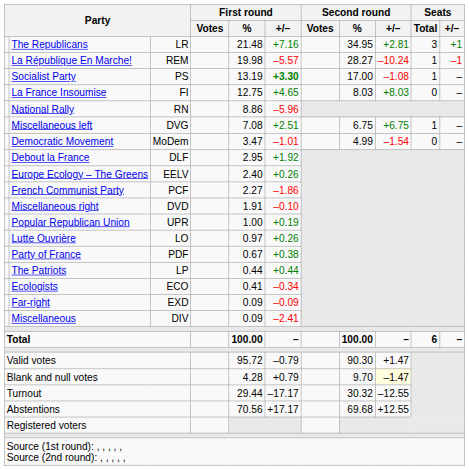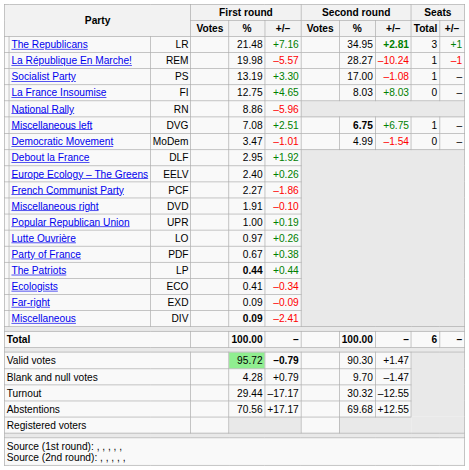 <table class="wikitable" style="text-align:right;font-size:95%;">
 <tr>
 <th rowspan="2" colspan="3">Party</th>
 <th colspan="3">First round</th>
 <th colspan="3">Second round</th>
 <th colspan="2">Seats</th>
 </tr>
 <tr>
 <th style="width:50px;">Votes</th>
 <th style="width:45px;">%</th>
 <th style="width:45px;">+/–</th>
 <th style="width:50px;">Votes</th>
 <th style="width:45px;">%</th>
 <th style="width:45px;">+/–</th>
 <th style="width:30px;">Total</th>
 <th style="width:30px;">+/–</th>
 </tr>
 <tr>
 <td style="background:"></td>
 <td style="text-align:left;"><a href='#'>The Republicans</a></td>
 <td>LR</td>
 <td></td>
 <td>21.48</td>
 <td style="color:green;">+7.16</td>
 <td></td>
 <td>34.95</td>
-<td style="color:green;">+2.81</td>
+<td style="color:green;"><strong>+2.81</strong></td>
 <td>3</td>
 <td style="color:green;">+1</td>
 </tr>
 <tr>
 <td style="background:"></td>
 <td style="text-align:left;"><a href='#'>La République En Marche!</a></td>
 <td>REM</td>
 <td></td>
 <td>19.98</td>
 <td style="color:red;">–5.57</td>
 <td></td>
 <td>28.27</td>
 <td style="color:red;">–10.24</td>
 <td>1</td>
 <td style="color:red;">–1</td>
 </tr>
 <tr>
 <td style="background:"></td>
 <td style="text-align:left;"><a href='#'>Socialist Party</a></td>
 <td>PS</td>
 <td></td>
 <td>13.19</td>
-<td style="color:green;"><strong>+3.30</strong></td>
+<td style="color:green;">+3.30</td>
 <td></td>
 <td>17.00</td>
 <td style="color:red;">–1.08</td>
 <td>1</td>
 <td>–</td>
 </tr>
 <tr>
 <td style="background:"></td>
 <td style="text-align:left;"><a href='#'>La France Insoumise</a></td>
 <td>FI</td>
 <td></td>
 <td>12.75</td>
 <td style="color:green;">+4.65</td>
 <td></td>
 <td>8.03</td>
 <td style="color:green;">+8.03</td>
 <td>0</td>
 <td>–</td>
 </tr>
 <tr>
 <td style="background:"></td>
 <td style="text-align:left;"><a href='#'>National Rally</a></td>
 <td>RN</td>
 <td></td>
 <td>8.86</td>
 <td style="color:red;">–5.96</td>
 <td colspan="5" style="background:#E9E9E9;"></td>
 </tr>
 <tr>
 <td style="background:"></td>
 <td style="text-align:left;"><a href='#'>Miscellaneous left</a></td>
 <td>DVG</td>
 <td></td>
 <td>7.08</td>
 <td style="color:green;">+2.51</td>
 <td></td>
-<td>6.75</td>
+<td><strong>6.75</strong></td>
 <td style="color:green;">+6.75</td>
 <td>1</td>
 <td>–</td>
 </tr>
 <tr>
 <td style="background:"></td>
 <td style="text-align:left;"><a href='#'>Democratic Movement</a></td>
 <td>MoDem</td>
 <td></td>
 <td>3.47</td>
 <td style="color:red;">–1.01</td>
 <td></td>
 <td>4.99</td>
 <td style="color:red;">–1.54</td>
 <td>0</td>
 <td>–</td>
 </tr>
 <tr>
 <td style="background:"></td>
 <td style="text-align:left;"><a href='#'>Debout la France</a></td>
 <td>DLF</td>
 <td></td>
 <td>2.95</td>
 <td style="color:green;">+1.92</td>
 <td colspan="5" rowspan="11" style="background:#E9E9E9;"></td>
 </tr>
 <tr>
 <td style="background:"></td>
 <td style="text-align:left;"><a href='#'>Europe Ecology – The Greens</a></td>
 <td>EELV</td>
 <td></td>
 <td>2.40</td>
 <td style="color:green;">+0.26</td>
 </tr>
 <tr>
 <td style="background:"></td>
 <td style="text-align:left;"><a href='#'>French Communist Party</a></td>
 <td>PCF</td>
 <td></td>
 <td>2.27</td>
 <td style="color:red;">–1.86</td>
 </tr>
 <tr>
 <td style="background:"></td>
 <td style="text-align:left;"><a href='#'>Miscellaneous right</a></td>
 <td>DVD</td>
 <td></td>
 <td>1.91</td>
 <td style="color:red;">–0.10</td>
 </tr>
 <tr>
 <td style="background:"></td>
 <td style="text-align:left;"><a href='#'>Popular Republican Union</a></td>
 <td>UPR</td>
 <td></td>
 <td>1.00</td>
 <td style="color:green;">+0.19</td>
 </tr>
 <tr>
 <td style="background:"></td>
 <td style="text-align:left;"><a href='#'>Lutte Ouvrière</a></td>
 <td>LO</td>
 <td></td>
 <td>0.97</td>
 <td style="color:green;">+0.26</td>
 </tr>
 <tr>
 <td style="background:"></td>
 <td style="text-align:left;"><a href='#'>Party of France</a></td>
 <td>PDF</td>
 <td></td>
 <td>0.67</td>
 <td style="color:green;">+0.38</td>
 </tr>
 <tr>
 <td style="background:"></td>
 <td style="text-align:left;"><a href='#'>The Patriots</a></td>
 <td>LP</td>
 <td></td>
-<td>0.44</td>
+<td><strong>0.44</strong></td>
 <td style="color:green;">+0.44</td>
 </tr>
 <tr>
 <td style="background:"></td>
 <td style="text-align:left;"><a href='#'>Ecologists</a></td>
 <td>ECO</td>
 <td></td>
 <td>0.41</td>
 <td style="color:red;">–0.34</td>
 </tr>
 <tr>
 <td style="background:"></td>
 <td style="text-align:left;"><a href='#'>Far-right</a></td>
 <td>EXD</td>
 <td></td>
 <td>0.09</td>
 <td style="color:red;">–0.09</td>
 </tr>
 <tr>
 <td style="background:"></td>
 <td style="text-align:left;"><a href='#'>Miscellaneous</a></td>
 <td>DIV</td>
 <td></td>
-<td>0.09</td>
+<td><strong>0.09</strong></td>
 <td style="color:red;">–2.41</td>
 </tr>
 <tr>
 <td colspan="11" style="background:#E9E9E9;"></td>
 </tr>
 <tr style="font-weight:bold;">
 <td colspan="3" style="text-align:left;">Total</td>
 <td></td>
 <td>100.00</td>
 <td>–</td>
 <td></td>
 <td>100.00</td>
 <td>–</td>
 <td>6</td>
 <td>–</td>
 </tr>
 <tr>
 <td colspan="11" style="background:#E9E9E9;"></td>
 </tr>
 <tr>
 <td colspan="3" style="text-align:left;">Valid votes</td>
 <td></td>
-<td>95.72</td>
-<td>–0.79</td>
+<td style="background: lightgreen;">95.72</td>
+<td><strong>–0.79</strong></td>
 <td></td>
 <td>90.30</td>
 <td>+1.47</td>
 <td colspan="2" rowspan="4" style="background:#E9E9E9;border-bottom-style:hidden;"></td>
 </tr>
 <tr>
 <td colspan="3" style="text-align:left;">Blank and null votes</td>
 <td></td>
 <td>4.28</td>
 <td>+0.79</td>
 <td></td>
 <td>9.70</td>
-<td style="background: lightyellow;">–1.47</td>
+<td>–1.47</td>
 </tr>
 <tr>
 <td colspan="3" style="text-align:left;">Turnout</td>
 <td></td>
 <td>29.44</td>
 <td>–17.17</td>
 <td></td>
 <td>30.32</td>
 <td>–12.55</td>
 </tr>
 <tr>
 <td colspan="3" style="text-align:left;">Abstentions</td>
 <td></td>
 <td>70.56</td>
 <td>+17.17</td>
 <td></td>
 <td>69.68</td>
 <td>+12.55</td>
 </tr>
 <tr>
 <td colspan="3" style="text-align:left;">Registered voters</td>
 <td></td>
 <td colspan="2" style="background:#E9E9E9;"></td>
 <td></td>
 <td colspan="2" style="background:#E9E9E9;border-right-style:hidden;"></td>
 <td colspan="2" style="background:#E9E9E9;border-top-style:hidden;"></td>
 </tr>
 <tr>
 <td colspan="11" style="background:#E9E9E9;"></td>
 </tr>
 <tr>
 <td colspan="11" style="text-align:left;">Source (1st round): , , , , , <br>Source (2nd round): , , , , , </td>
 </tr>
 </table>
